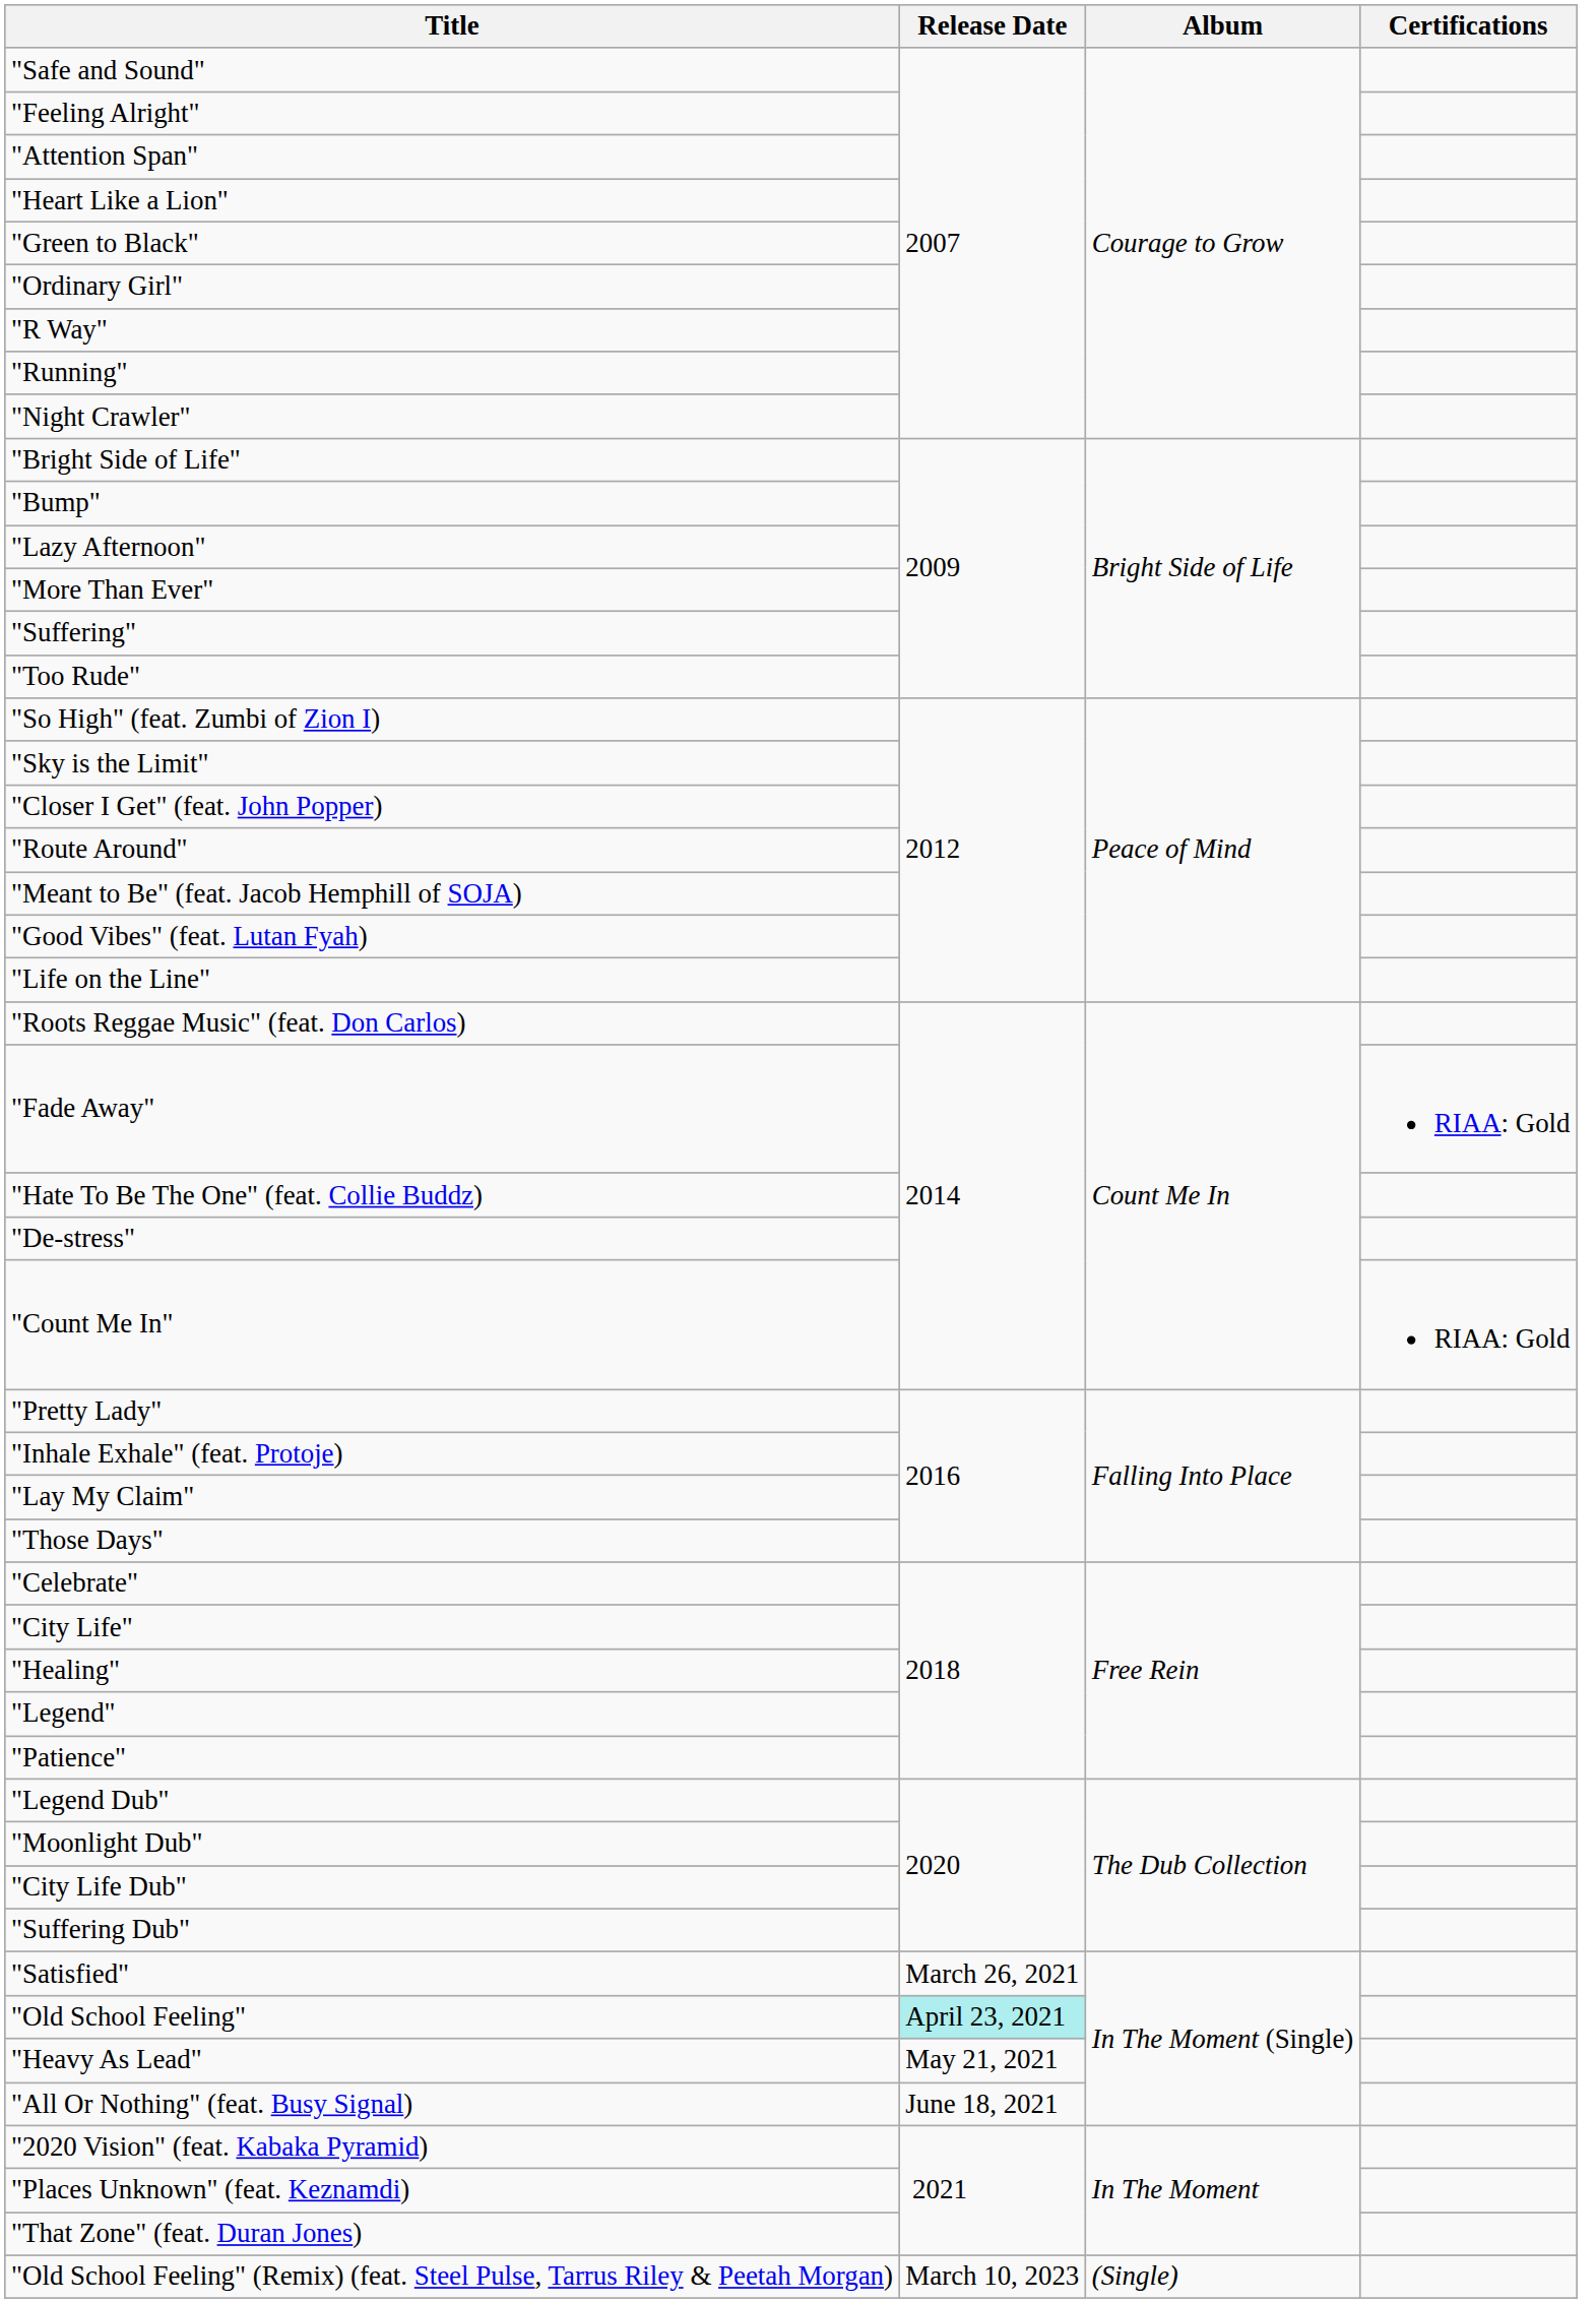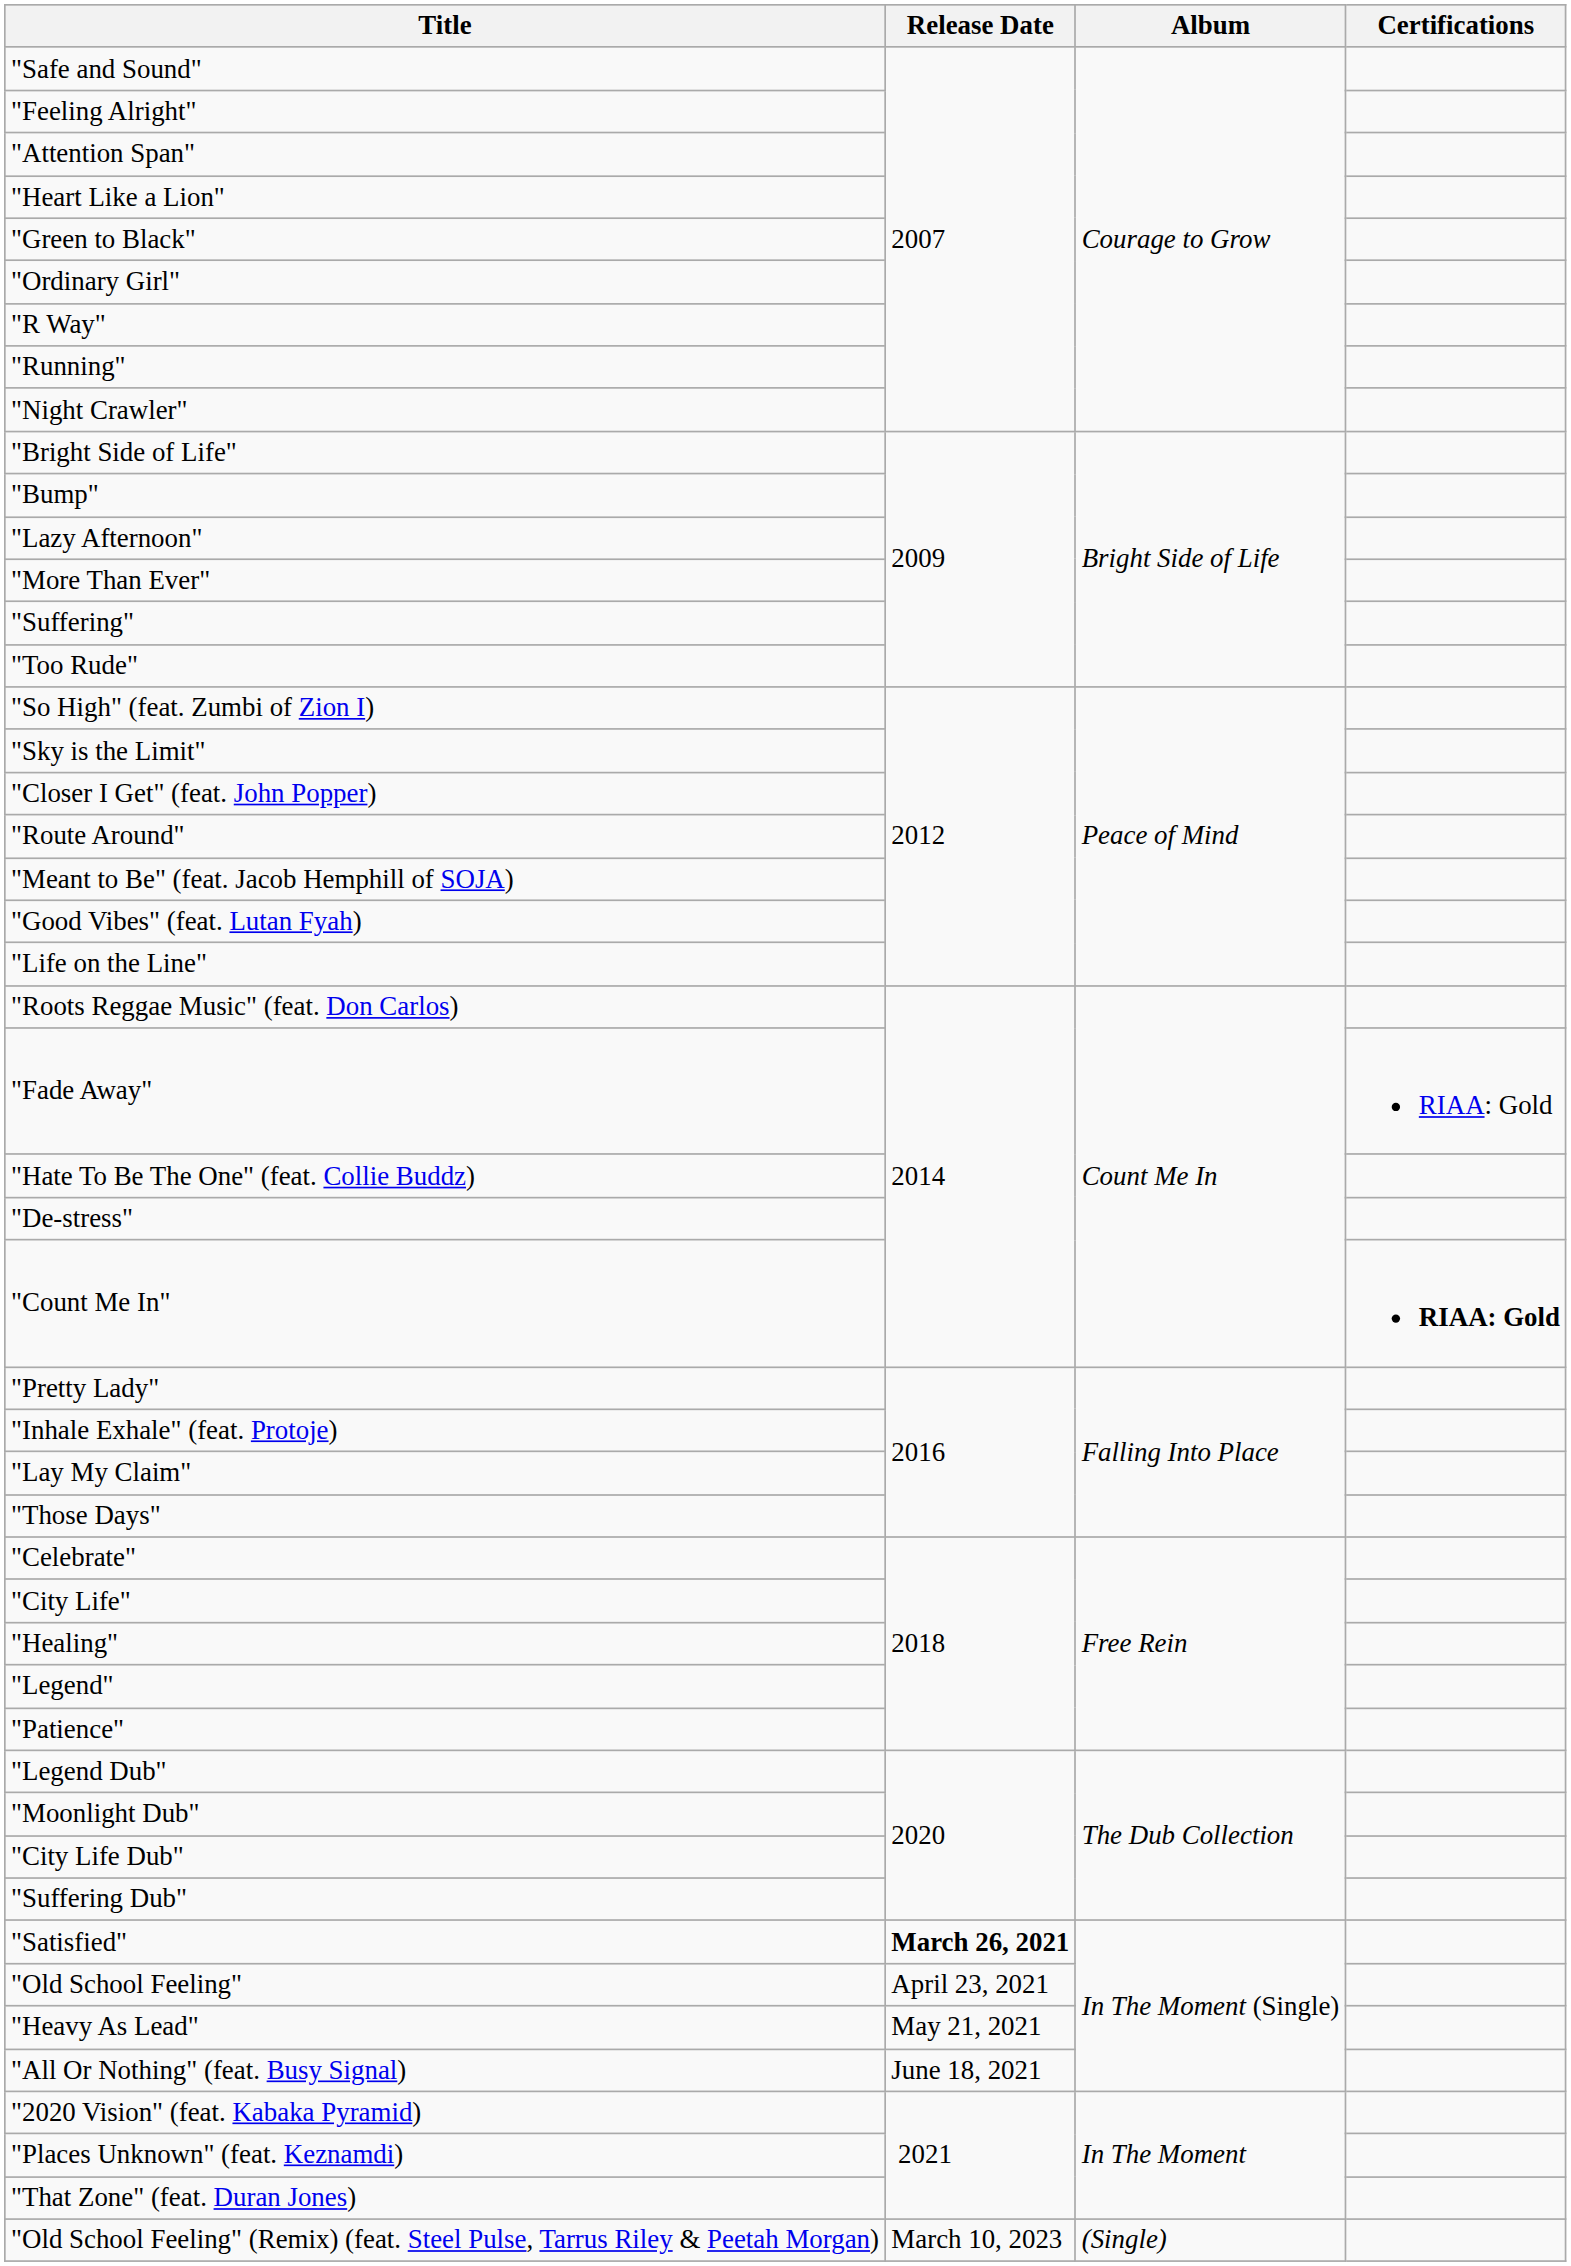 <table class="wikitable">
 <tr>
 <th>Title</th>
 <th>Release Date</th>
 <th>Album</th>
 <th>Certifications</th>
 </tr>
 <tr>
 <td>"Safe and Sound"</td>
 <td rowspan="9">2007</td>
 <td rowspan="9"><em>Courage to Grow</em></td>
 <td></td>
 </tr>
 <tr>
 <td>"Feeling Alright"</td>
 <td></td>
 </tr>
 <tr>
 <td>"Attention Span"</td>
 <td></td>
 </tr>
 <tr>
 <td>"Heart Like a Lion"</td>
 <td></td>
 </tr>
 <tr>
 <td>"Green to Black"</td>
 <td></td>
 </tr>
 <tr>
 <td>"Ordinary Girl"</td>
 <td></td>
 </tr>
 <tr>
 <td>"R Way"</td>
 <td></td>
 </tr>
 <tr>
 <td>"Running"</td>
 <td></td>
 </tr>
 <tr>
 <td>"Night Crawler"</td>
 <td></td>
 </tr>
 <tr>
 <td>"Bright Side of Life"</td>
 <td rowspan="6">2009</td>
 <td rowspan="6"><em>Bright Side of Life</em></td>
 <td></td>
 </tr>
 <tr>
 <td>"Bump"</td>
 <td></td>
 </tr>
 <tr>
 <td>"Lazy Afternoon"</td>
 <td></td>
 </tr>
 <tr>
 <td>"More Than Ever"</td>
 <td></td>
 </tr>
 <tr>
 <td>"Suffering"</td>
 <td></td>
 </tr>
 <tr>
 <td>"Too Rude"</td>
 <td></td>
 </tr>
 <tr>
 <td>"So High" (feat. Zumbi of <a href='#'>Zion I</a>)</td>
 <td rowspan="7">2012</td>
 <td rowspan="7"><em>Peace of Mind</em></td>
 <td></td>
 </tr>
 <tr>
 <td>"Sky is the Limit"</td>
 <td></td>
 </tr>
 <tr>
 <td>"Closer I Get" (feat. <a href='#'>John Popper</a>)</td>
 <td></td>
 </tr>
 <tr>
 <td>"Route Around"</td>
 <td></td>
 </tr>
 <tr>
 <td>"Meant to Be" (feat. Jacob Hemphill of <a href='#'>SOJA</a>)</td>
 <td></td>
 </tr>
 <tr>
 <td>"Good Vibes" (feat. <a href='#'>Lutan Fyah</a>)</td>
 <td></td>
 </tr>
 <tr>
 <td>"Life on the Line"</td>
 <td></td>
 </tr>
 <tr>
 <td>"Roots Reggae Music" (feat. <a href='#'>Don Carlos</a>)</td>
 <td rowspan="5">2014</td>
 <td rowspan="5"><em>Count Me In</em></td>
 <td></td>
 </tr>
 <tr>
 <td>"Fade Away"</td>
 <td><br><ul><li><a href='#'>RIAA</a>: Gold</li></ul></td>
 </tr>
 <tr>
 <td>"Hate To Be The One" (feat. <a href='#'>Collie Buddz</a>)</td>
 <td></td>
 </tr>
 <tr>
 <td>"De-stress"</td>
 <td></td>
 </tr>
 <tr>
 <td>"Count Me In"</td>
-<td><br><ul><li>RIAA: Gold</li></ul></td>
+<td><strong><br><ul><li>RIAA: Gold</li></ul></strong></td>
 </tr>
 <tr>
 <td>"Pretty Lady"</td>
 <td rowspan="4">2016</td>
 <td rowspan="4"><em>Falling Into Place</em></td>
 <td></td>
 </tr>
 <tr>
 <td>"Inhale Exhale" (feat. <a href='#'>Protoje</a>)</td>
 <td></td>
 </tr>
 <tr>
 <td>"Lay My Claim"</td>
 <td></td>
 </tr>
 <tr>
 <td>"Those Days"</td>
 <td></td>
 </tr>
 <tr>
 <td>"Celebrate"</td>
 <td rowspan="5">2018</td>
 <td rowspan="5"><em>Free Rein</em></td>
 <td></td>
 </tr>
 <tr>
 <td>"City Life"</td>
 <td></td>
 </tr>
 <tr>
 <td>"Healing"</td>
 <td></td>
 </tr>
 <tr>
 <td>"Legend"</td>
 <td></td>
 </tr>
 <tr>
 <td>"Patience"</td>
 <td></td>
 </tr>
 <tr>
 <td>"Legend Dub"</td>
 <td rowspan="4">2020</td>
 <td rowspan="4"><em>The Dub Collection</em></td>
 <td></td>
 </tr>
 <tr>
 <td>"Moonlight Dub"</td>
 <td></td>
 </tr>
 <tr>
 <td>"City Life Dub"</td>
 <td></td>
 </tr>
 <tr>
 <td>"Suffering Dub"</td>
 <td></td>
 </tr>
 <tr>
 <td>"Satisfied"</td>
-<td>March 26, 2021</td>
+<td><strong>March 26, 2021</strong></td>
 <td rowspan="4"><em>In The Moment</em> (Single)</td>
 <td></td>
 </tr>
 <tr>
 <td>"Old School Feeling"</td>
-<td style="background: paleturquoise;">April 23, 2021</td>
+<td>April 23, 2021</td>
 <td></td>
 </tr>
 <tr>
 <td>"Heavy As Lead"</td>
 <td>May 21, 2021</td>
 <td></td>
 </tr>
 <tr>
 <td>"All Or Nothing" (feat. <a href='#'>Busy Signal</a>)</td>
 <td>June 18, 2021</td>
 <td></td>
 </tr>
 <tr>
 <td>"2020 Vision" (feat. <a href='#'>Kabaka Pyramid</a>)</td>
 <td rowspan="3"> 2021</td>
 <td rowspan="3"><em>In The Moment</em></td>
 <td></td>
 </tr>
 <tr>
 <td>"Places Unknown" (feat. <a href='#'>Keznamdi</a>)</td>
 <td></td>
 </tr>
 <tr>
 <td>"That Zone" (feat. <a href='#'>Duran Jones</a>)</td>
 <td></td>
 </tr>
 <tr>
 <td>"Old School Feeling" (Remix) (feat. <a href='#'>Steel Pulse</a>, <a href='#'>Tarrus Riley</a> & <a href='#'>Peetah Morgan</a>)</td>
 <td>March 10, 2023</td>
 <td><em>(Single)</em></td>
 <td></td>
 </tr>
 </table>
